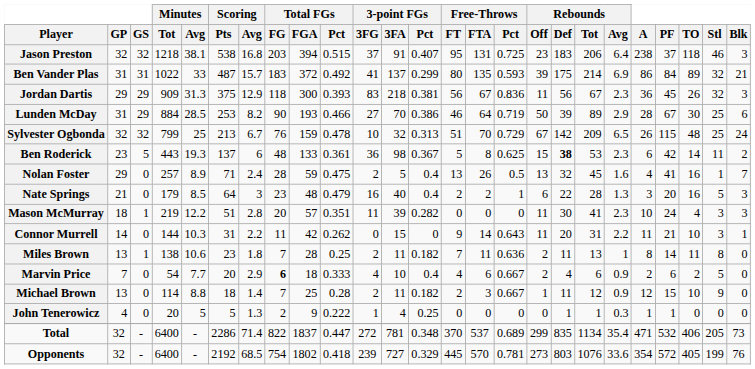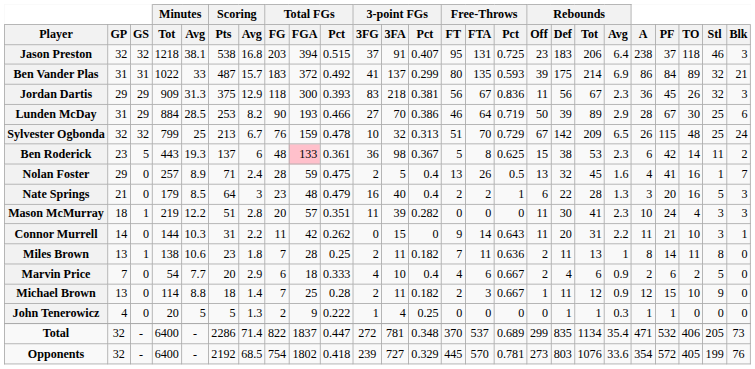 <table class="wikitable sortable" border="1" style="font-size:90%;">
 <tr>
 <th colspan="3" style="border-top-style:hidden; border-left-style:hidden; background: white;"></th>
 <th colspan="2" style=>Minutes</th>
 <th colspan="2" style=>Scoring</th>
 <th colspan="3" style=>Total FGs</th>
 <th colspan="3" style=>3-point FGs</th>
 <th colspan="3" style=>Free-Throws</th>
 <th colspan="4" style=>Rebounds</th>
 <th colspan="5" style="border-top-style:hidden; border-right-style:hidden; background: white;"></th>
 </tr>
 <tr>
 <th scope="col" style=>Player</th>
 <th scope="col" style=>GP</th>
 <th scope="col" style=>GS</th>
 <th scope="col" style=>Tot</th>
 <th scope="col" style=>Avg</th>
 <th scope="col" style=>Pts</th>
 <th scope="col" style=>Avg</th>
 <th scope="col" style=>FG</th>
 <th scope="col" style=>FGA</th>
 <th scope="col" style=>Pct</th>
 <th scope="col" style=>3FG</th>
 <th scope="col" style=>3FA</th>
 <th scope="col" style=>Pct</th>
 <th scope="col" style=>FT</th>
 <th scope="col" style=>FTA</th>
 <th scope="col" style=>Pct</th>
 <th scope="col" style=>Off</th>
 <th scope="col" style=>Def</th>
 <th scope="col" style=>Tot</th>
 <th scope="col" style=>Avg</th>
 <th scope="col" style=>A</th>
 <th scope="col" style=>PF</th>
 <th scope="col" style=>TO</th>
 <th scope="col" style=>Stl</th>
 <th scope="col" style=>Blk</th>
 </tr>
 <tr>
 <th>Jason Preston</th>
 <td align="right">32</td>
 <td align="right">32</td>
 <td align="right">1218</td>
 <td align="right">38.1</td>
 <td align="right">538</td>
 <td align="right">16.8</td>
 <td align="right">203</td>
 <td align="right">394</td>
 <td align="right">0.515</td>
 <td align="right">37</td>
 <td align="right">91</td>
 <td align="right">0.407</td>
 <td align="right">95</td>
 <td align="right">131</td>
 <td align="right">0.725</td>
 <td align="right">23</td>
 <td align="right">183</td>
 <td align="right">206</td>
 <td align="right">6.4</td>
 <td align="right">238</td>
 <td align="right">37</td>
 <td align="right">118</td>
 <td align="right">46</td>
 <td align="right">3</td>
 </tr>
 <tr>
 <th>Ben Vander Plas</th>
 <td align="right">31</td>
 <td align="right">31</td>
 <td align="right">1022</td>
 <td align="right">33</td>
 <td align="right">487</td>
 <td align="right">15.7</td>
 <td align="right">183</td>
 <td align="right">372</td>
 <td align="right">0.492</td>
 <td align="right">41</td>
 <td align="right">137</td>
 <td align="right">0.299</td>
 <td align="right">80</td>
 <td align="right">135</td>
 <td align="right">0.593</td>
 <td align="right">39</td>
 <td align="right">175</td>
 <td align="right">214</td>
 <td align="right">6.9</td>
 <td align="right">86</td>
 <td align="right">84</td>
 <td align="right">89</td>
 <td align="right">32</td>
 <td align="right">21</td>
 </tr>
 <tr>
 <th>Jordan Dartis</th>
 <td align="right">29</td>
 <td align="right">29</td>
 <td align="right">909</td>
 <td align="right">31.3</td>
 <td align="right">375</td>
 <td align="right">12.9</td>
 <td align="right">118</td>
 <td align="right">300</td>
 <td align="right">0.393</td>
 <td align="right">83</td>
 <td align="right">218</td>
 <td align="right">0.381</td>
 <td align="right">56</td>
 <td align="right">67</td>
 <td align="right">0.836</td>
 <td align="right">11</td>
 <td align="right">56</td>
 <td align="right">67</td>
 <td align="right">2.3</td>
 <td align="right">36</td>
 <td align="right">45</td>
 <td align="right">26</td>
 <td align="right">32</td>
 <td align="right">3</td>
 </tr>
 <tr>
 <th>Lunden McDay</th>
 <td align="right">31</td>
 <td align="right">29</td>
 <td align="right">884</td>
 <td align="right">28.5</td>
 <td align="right">253</td>
 <td align="right">8.2</td>
 <td align="right">90</td>
 <td align="right">193</td>
 <td align="right">0.466</td>
 <td align="right">27</td>
 <td align="right">70</td>
 <td align="right">0.386</td>
 <td align="right">46</td>
 <td align="right">64</td>
 <td align="right">0.719</td>
 <td align="right">50</td>
 <td align="right">39</td>
 <td align="right">89</td>
 <td align="right">2.9</td>
 <td align="right">28</td>
 <td align="right">67</td>
 <td align="right">30</td>
 <td align="right">25</td>
 <td align="right">6</td>
 </tr>
 <tr>
 <th>Sylvester Ogbonda</th>
 <td align="right">32</td>
 <td align="right">32</td>
 <td align="right">799</td>
 <td align="right">25</td>
 <td align="right">213</td>
 <td align="right">6.7</td>
 <td align="right">76</td>
 <td align="right">159</td>
 <td align="right">0.478</td>
 <td align="right">10</td>
 <td align="right">32</td>
 <td align="right">0.313</td>
 <td align="right">51</td>
 <td align="right">70</td>
 <td align="right">0.729</td>
 <td align="right">67</td>
 <td align="right">142</td>
 <td align="right">209</td>
 <td align="right">6.5</td>
 <td align="right">26</td>
 <td align="right">115</td>
 <td align="right">48</td>
 <td align="right">25</td>
 <td align="right">24</td>
 </tr>
 <tr>
 <th>Ben Roderick</th>
 <td align="right">23</td>
 <td align="right">5</td>
 <td align="right">443</td>
 <td align="right">19.3</td>
 <td align="right">137</td>
 <td align="right">6</td>
 <td align="right">48</td>
-<td align="right">133</td>
+<td align="right" style="background: pink;">133</td>
 <td align="right">0.361</td>
 <td align="right">36</td>
 <td align="right">98</td>
 <td align="right">0.367</td>
 <td align="right">5</td>
 <td align="right">8</td>
 <td align="right">0.625</td>
 <td align="right">15</td>
-<td align="right"><strong>38</strong></td>
+<td align="right">38</td>
 <td align="right">53</td>
 <td align="right">2.3</td>
 <td align="right">6</td>
 <td align="right">42</td>
 <td align="right">14</td>
 <td align="right">11</td>
 <td align="right">2</td>
 </tr>
 <tr>
 <th>Nolan Foster</th>
 <td align="right">29</td>
 <td align="right">0</td>
 <td align="right">257</td>
 <td align="right">8.9</td>
 <td align="right">71</td>
 <td align="right">2.4</td>
 <td align="right">28</td>
 <td align="right">59</td>
 <td align="right">0.475</td>
 <td align="right">2</td>
 <td align="right">5</td>
 <td align="right">0.4</td>
 <td align="right">13</td>
 <td align="right">26</td>
 <td align="right">0.5</td>
 <td align="right">13</td>
 <td align="right">32</td>
 <td align="right">45</td>
 <td align="right">1.6</td>
 <td align="right">4</td>
 <td align="right">41</td>
 <td align="right">16</td>
 <td align="right">1</td>
 <td align="right">7</td>
 </tr>
 <tr>
 <th>Nate Springs</th>
 <td align="right">21</td>
 <td align="right">0</td>
 <td align="right">179</td>
 <td align="right">8.5</td>
 <td align="right">64</td>
 <td align="right">3</td>
 <td align="right">23</td>
 <td align="right">48</td>
 <td align="right">0.479</td>
 <td align="right">16</td>
 <td align="right">40</td>
 <td align="right">0.4</td>
 <td align="right">2</td>
 <td align="right">2</td>
 <td align="right">1</td>
 <td align="right">6</td>
 <td align="right">22</td>
 <td align="right">28</td>
 <td align="right">1.3</td>
 <td align="right">3</td>
 <td align="right">20</td>
 <td align="right">16</td>
 <td align="right">5</td>
 <td align="right">3</td>
 </tr>
 <tr>
 <th>Mason McMurray</th>
 <td align="right">18</td>
 <td align="right">1</td>
 <td align="right">219</td>
 <td align="right">12.2</td>
 <td align="right">51</td>
 <td align="right">2.8</td>
 <td align="right">20</td>
 <td align="right">57</td>
 <td align="right">0.351</td>
 <td align="right">11</td>
 <td align="right">39</td>
 <td align="right">0.282</td>
 <td align="right">0</td>
 <td align="right">0</td>
 <td align="right">0</td>
 <td align="right">11</td>
 <td align="right">30</td>
 <td align="right">41</td>
 <td align="right">2.3</td>
 <td align="right">10</td>
 <td align="right">24</td>
 <td align="right">4</td>
 <td align="right">3</td>
 <td align="right">3</td>
 </tr>
 <tr>
 <th>Connor Murrell</th>
 <td align="right">14</td>
 <td align="right">0</td>
 <td align="right">144</td>
 <td align="right">10.3</td>
 <td align="right">31</td>
 <td align="right">2.2</td>
 <td align="right">11</td>
 <td align="right">42</td>
 <td align="right">0.262</td>
 <td align="right">0</td>
 <td align="right">15</td>
 <td align="right">0</td>
 <td align="right">9</td>
 <td align="right">14</td>
 <td align="right">0.643</td>
 <td align="right">11</td>
 <td align="right">20</td>
 <td align="right">31</td>
 <td align="right">2.2</td>
 <td align="right">11</td>
 <td align="right">21</td>
 <td align="right">10</td>
 <td align="right">3</td>
 <td align="right">1</td>
 </tr>
 <tr>
 <th>Miles Brown</th>
 <td align="right">13</td>
 <td align="right">1</td>
 <td align="right">138</td>
 <td align="right">10.6</td>
 <td align="right">23</td>
 <td align="right">1.8</td>
 <td align="right">7</td>
 <td align="right">28</td>
 <td align="right">0.25</td>
 <td align="right">2</td>
 <td align="right">11</td>
 <td align="right">0.182</td>
 <td align="right">7</td>
 <td align="right">11</td>
 <td align="right">0.636</td>
 <td align="right">2</td>
 <td align="right">11</td>
 <td align="right">13</td>
 <td align="right">1</td>
 <td align="right">8</td>
 <td align="right">14</td>
 <td align="right">11</td>
 <td align="right">8</td>
 <td align="right">0</td>
 </tr>
 <tr>
 <th>Marvin Price</th>
 <td align="right">7</td>
 <td align="right">0</td>
 <td align="right">54</td>
 <td align="right">7.7</td>
 <td align="right">20</td>
 <td align="right">2.9</td>
-<td align="right"><strong>6</strong></td>
+<td align="right">6</td>
 <td align="right">18</td>
 <td align="right">0.333</td>
 <td align="right">4</td>
 <td align="right">10</td>
 <td align="right">0.4</td>
 <td align="right">4</td>
 <td align="right">6</td>
 <td align="right">0.667</td>
 <td align="right">2</td>
 <td align="right">4</td>
 <td align="right">6</td>
 <td align="right">0.9</td>
 <td align="right">2</td>
 <td align="right">6</td>
 <td align="right">2</td>
 <td align="right">5</td>
 <td align="right">0</td>
 </tr>
 <tr>
 <th>Michael Brown</th>
 <td align="right">13</td>
 <td align="right">0</td>
 <td align="right">114</td>
 <td align="right">8.8</td>
 <td align="right">18</td>
 <td align="right">1.4</td>
 <td align="right">7</td>
 <td align="right">25</td>
 <td align="right">0.28</td>
 <td align="right">2</td>
 <td align="right">11</td>
 <td align="right">0.182</td>
 <td align="right">2</td>
 <td align="right">3</td>
 <td align="right">0.667</td>
 <td align="right">1</td>
 <td align="right">11</td>
 <td align="right">12</td>
 <td align="right">0.9</td>
 <td align="right">12</td>
 <td align="right">15</td>
 <td align="right">10</td>
 <td align="right">9</td>
 <td align="right">0</td>
 </tr>
 <tr>
 <th>John Tenerowicz</th>
 <td align="right">4</td>
 <td align="right">0</td>
 <td align="right">20</td>
 <td align="right">5</td>
 <td align="right">5</td>
 <td align="right">1.3</td>
 <td align="right">2</td>
 <td align="right">9</td>
 <td align="right">0.222</td>
 <td align="right">1</td>
 <td align="right">4</td>
 <td align="right">0.25</td>
 <td align="right">0</td>
 <td align="right">0</td>
 <td align="right">0</td>
 <td align="right">0</td>
 <td align="right">1</td>
 <td align="right">1</td>
 <td align="right">0.3</td>
 <td align="right">1</td>
 <td align="right">1</td>
 <td align="right">0</td>
 <td align="right">0</td>
 <td align="right">0</td>
 </tr>
 <tr>
 </tr>
 <tr class="sortbottom">
 <td align="center" style=><strong>Total</strong></td>
 <td align="center" style=>32</td>
 <td align="center" style=>-</td>
 <td align="center" style=>6400</td>
 <td align="center" style=>-</td>
 <td align="center" style=>2286</td>
 <td align="center" style=>71.4</td>
 <td align="center" style=>822</td>
 <td align="center" style=>1837</td>
 <td align="center" style=>0.447</td>
 <td align="center" style=>272</td>
 <td align="center" style=>781</td>
 <td align="center" style=>0.348</td>
 <td align="center" style=>370</td>
 <td align="center" style=>537</td>
 <td align="center" style=>0.689</td>
 <td align="center" style=>299</td>
 <td align="center" style=>835</td>
 <td align="center" style=>1134</td>
 <td align="center" style=>35.4</td>
 <td align="center" style=>471</td>
 <td align="center" style=>532</td>
 <td align="center" style=>406</td>
 <td align="center" style=>205</td>
 <td align="center" style=>73</td>
 </tr>
 <tr class="sortbottom">
 <td align="center"><strong>Opponents</strong></td>
 <td align="center">32</td>
 <td align="center">-</td>
 <td align="center">6400</td>
 <td align="center">-</td>
 <td align="center">2192</td>
 <td align="center">68.5</td>
 <td align="center">754</td>
 <td align="center">1802</td>
 <td align="center">0.418</td>
 <td align="center">239</td>
 <td align="center">727</td>
 <td align="center">0.329</td>
 <td align="center">445</td>
 <td align="center">570</td>
 <td align="center">0.781</td>
 <td align="center">273</td>
 <td align="center">803</td>
 <td align="center">1076</td>
 <td align="center">33.6</td>
 <td align="center">354</td>
 <td align="center">572</td>
 <td align="center">405</td>
 <td align="center">199</td>
 <td align="center">76</td>
 </tr>
 </table>
